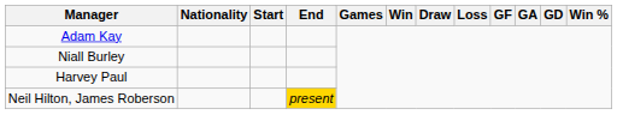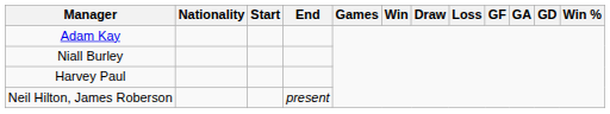 <table class="wikitable" style="text-align:center; margin-left: lem;">
 <tr>
 <th>Manager</th>
 <th>Nationality</th>
 <th>Start</th>
 <th>End</th>
 <th>Games</th>
 <th><strong>Win</strong></th>
 <th>Draw</th>
 <th>Loss</th>
 <th>GF</th>
 <th>GA</th>
 <th>GD</th>
 <th>Win %</th>
 </tr>
 <tr>
 <td><a href='#'>Adam Kay</a></td>
 <td></td>
 <td></td>
 <td><br></td>
 </tr>
 <tr>
 <td>Niall Burley</td>
 <td></td>
 <td></td>
 <td><br></td>
 </tr>
 <tr>
 <td>Harvey Paul</td>
 <td></td>
 <td></td>
 <td><br></td>
 </tr>
 <tr>
 <td>Neil Hilton, James Roberson</td>
 <td></td>
 <td></td>
-<td style="background: gold;"><em>present</em><br></td>
+<td><em>present</em><br></td>
 </tr>
 </table>
